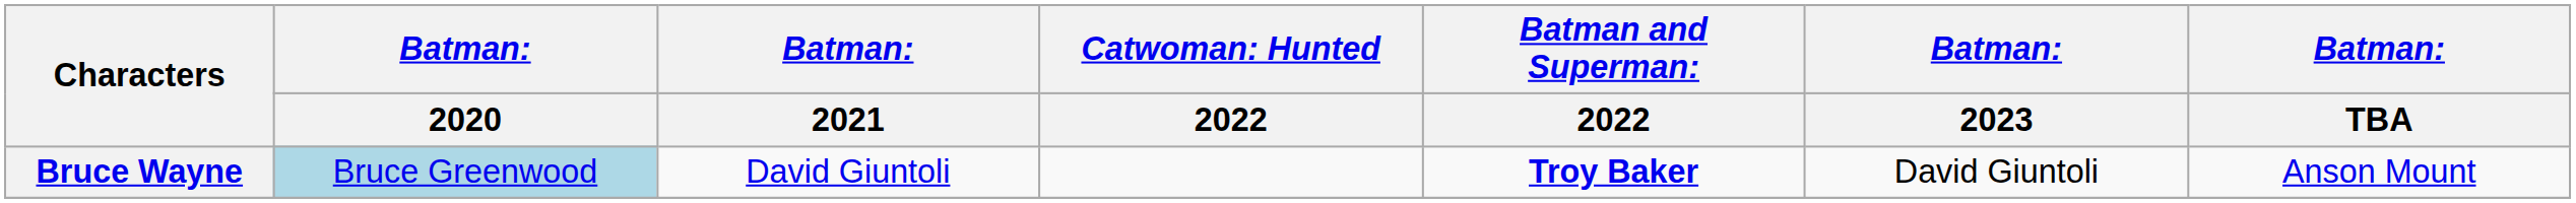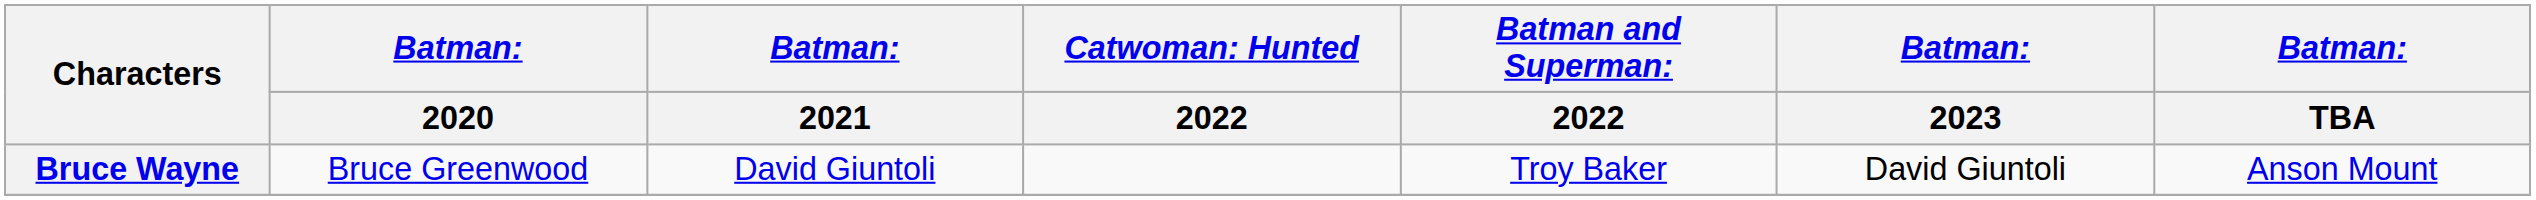 <table class="wikitable" style="text-align:center; width:99%">
 <tr>
 <th rowspan="2" width="6.5%">Characters</th>
 <th style="text-align:center; width:10%;"><a href='#'><em>Batman:<br></em></a></th>
 <th style="text-align:center; width:10%;"><a href='#'><em>Batman:<br></em></a></th>
 <th style="text-align:center; width:10%;"><em><a href='#'>Catwoman: Hunted</a></em></th>
 <th style="text-align:center; width:10%;"><a href='#'><em>Batman and Superman:<br></em></a></th>
 <th style="text-align:center; width:10%;"><a href='#'><em>Batman:<br></em></a></th>
 <th style="text-align:center; width:10%;"><a href='#'><em>Batman:<br></em></a></th>
 </tr>
 <tr>
 <th>2020</th>
 <th>2021</th>
 <th>2022</th>
 <th>2022</th>
 <th>2023</th>
 <th>TBA</th>
 </tr>
 <tr>
 <th><a href='#'>Bruce Wayne<br></a></th>
-<td style="background: lightblue;"><a href='#'>Bruce Greenwood</a></td>
+<td><a href='#'>Bruce Greenwood</a></td>
 <td><a href='#'>David Giuntoli</a></td>
 <td></td>
-<td><strong><a href='#'>Troy Baker</a></strong></td>
+<td><a href='#'>Troy Baker</a></td>
 <td>David Giuntoli<br></td>
 <td><a href='#'>Anson Mount</a></td>
 </tr>
 <tr>
 </tr>
 </table>
